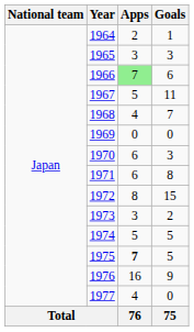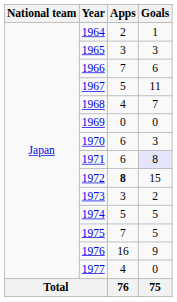 <table class="wikitable" style="text-align:center">
 <tr>
 <th>National team</th>
 <th>Year</th>
 <th>Apps</th>
 <th>Goals</th>
 </tr>
 <tr>
 <td rowspan="14"><a href='#'>Japan</a></td>
 <td><a href='#'>1964</a></td>
 <td>2</td>
 <td>1</td>
 </tr>
 <tr>
 <td><a href='#'>1965</a></td>
 <td>3</td>
 <td>3</td>
 </tr>
 <tr>
 <td><a href='#'>1966</a></td>
-<td style="background: lightgreen;">7</td>
+<td>7</td>
 <td>6</td>
 </tr>
 <tr>
 <td><a href='#'>1967</a></td>
 <td>5</td>
 <td>11</td>
 </tr>
 <tr>
 <td><a href='#'>1968</a></td>
 <td>4</td>
 <td>7</td>
 </tr>
 <tr>
 <td><a href='#'>1969</a></td>
 <td>0</td>
 <td>0</td>
 </tr>
 <tr>
 <td><a href='#'>1970</a></td>
 <td>6</td>
 <td>3</td>
 </tr>
 <tr>
 <td><a href='#'>1971</a></td>
 <td>6</td>
-<td>8</td>
+<td style="background: lavender;">8</td>
 </tr>
 <tr>
 <td><a href='#'>1972</a></td>
-<td>8</td>
+<td><strong>8</strong></td>
 <td>15</td>
 </tr>
 <tr>
 <td><a href='#'>1973</a></td>
 <td>3</td>
 <td>2</td>
 </tr>
 <tr>
 <td><a href='#'>1974</a></td>
 <td>5</td>
 <td>5</td>
 </tr>
 <tr>
 <td><a href='#'>1975</a></td>
-<td><strong>7</strong></td>
+<td>7</td>
 <td>5</td>
 </tr>
 <tr>
 <td><a href='#'>1976</a></td>
 <td>16</td>
 <td>9</td>
 </tr>
 <tr>
 <td><a href='#'>1977</a></td>
 <td>4</td>
 <td>0</td>
 </tr>
 <tr>
 <th colspan="2">Total</th>
 <th>76</th>
 <th>75</th>
 </tr>
 </table>
